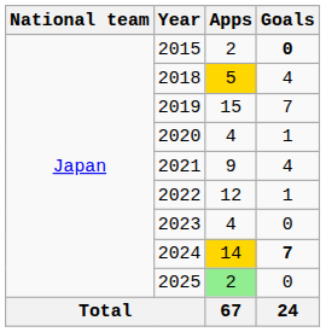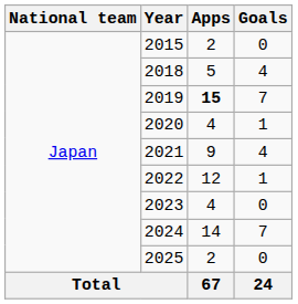 <table class="wikitable" style="text-align: center;">
 <tr>
 <th>National team</th>
 <th>Year</th>
 <th>Apps</th>
 <th>Goals</th>
 </tr>
 <tr>
 <td rowspan="9"><a href='#'>Japan</a></td>
 <td>2015</td>
 <td>2</td>
-<td><strong>0</strong></td>
+<td>0</td>
 </tr>
 <tr>
 <td>2018</td>
-<td style="background: gold;">5</td>
+<td>5</td>
 <td>4</td>
 </tr>
 <tr>
 <td>2019</td>
-<td>15</td>
+<td><strong>15</strong></td>
 <td>7</td>
 </tr>
 <tr>
 <td>2020</td>
 <td>4</td>
 <td>1</td>
 </tr>
 <tr>
 <td>2021</td>
 <td>9</td>
 <td>4</td>
 </tr>
 <tr>
 <td>2022</td>
 <td>12</td>
 <td>1</td>
 </tr>
 <tr>
 <td>2023</td>
 <td>4</td>
 <td>0</td>
 </tr>
 <tr>
 <td>2024</td>
-<td style="background: gold;">14</td>
-<td><strong>7</strong></td>
+<td>14</td>
+<td>7</td>
 </tr>
 <tr>
 <td>2025</td>
-<td style="background: lightgreen;">2</td>
+<td>2</td>
 <td>0</td>
 </tr>
 <tr>
 <th colspan="2">Total</th>
 <th>67</th>
 <th>24</th>
 </tr>
 </table>
